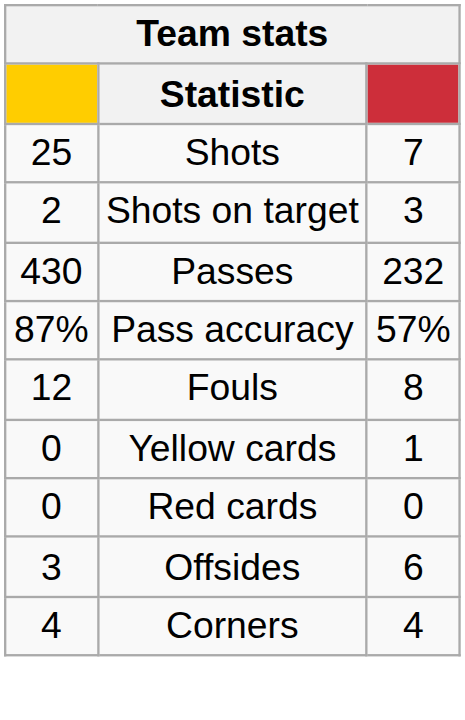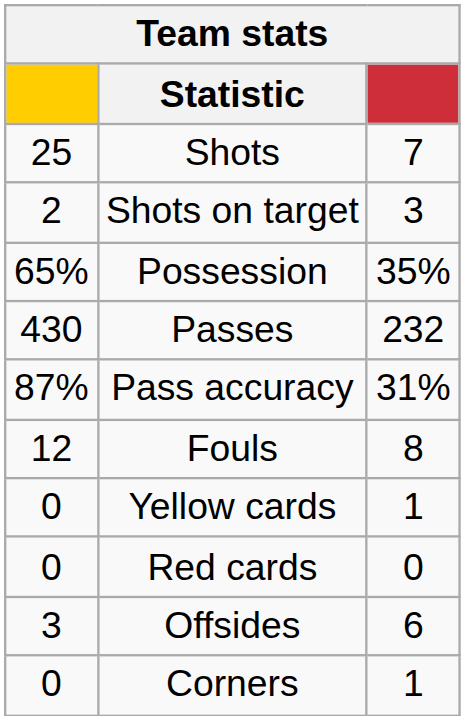 <table class="wikitable" style="margin-left: auto; margin-right: auto; border: none; text-align:center;">
 <tr>
 <th colspan=3>Team stats</th>
 </tr>
 <tr>
 <th style="background: #FFCD00; color: #00843d;"> <a href='#'></a></th>
 <th>Statistic</th>
 <th style="background: #CD2E3A; color: #FFFFFF;"> <a href='#'></a></th>
 </tr>
 <tr>
 <td>25</td>
 <td>Shots</td>
 <td>7</td>
 </tr>
 <tr>
 <td>2</td>
 <td>Shots on target</td>
 <td>3</td>
 </tr>
 <tr>
+<td>65%</td>
+<td>Possession</td>
+<td>35%</td>
+</tr>
+<tr>
 <td>430</td>
 <td>Passes</td>
 <td>232</td>
 </tr>
 <tr>
 <td>87%</td>
 <td>Pass accuracy</td>
-<td>57%</td>
+<td>31%</td>
 </tr>
 <tr>
 <td>12</td>
 <td>Fouls</td>
 <td>8</td>
 </tr>
 <tr>
 <td>0</td>
 <td>Yellow cards</td>
 <td>1</td>
 </tr>
 <tr>
 <td>0</td>
 <td>Red cards</td>
 <td>0</td>
 </tr>
 <tr>
 <td>3</td>
 <td>Offsides</td>
 <td>6</td>
 </tr>
 <tr>
-<td>4</td>
+<td>0</td>
 <td>Corners</td>
-<td>4</td>
+<td>1</td>
 </tr>
 </table>
